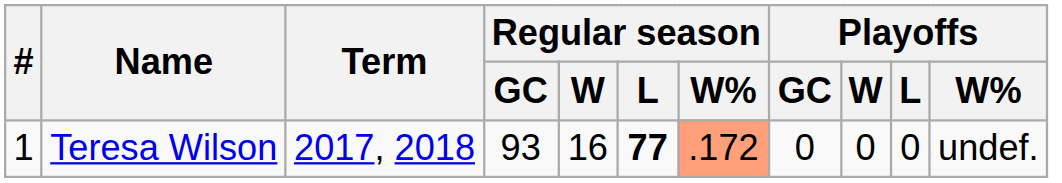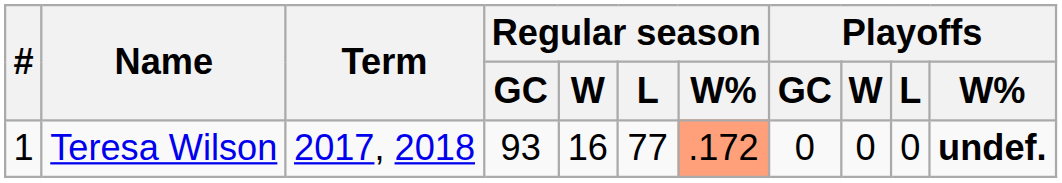 <table class="wikitable">
 <tr>
 <th rowspan="2">#</th>
 <th rowspan="2">Name</th>
 <th rowspan="2">Term</th>
 <th colspan="4">Regular season</th>
 <th colspan="4">Playoffs</th>
 </tr>
 <tr>
 <th>GC</th>
 <th>W</th>
 <th>L</th>
 <th>W%</th>
 <th>GC</th>
 <th>W</th>
 <th>L</th>
 <th>W%</th>
 </tr>
 <tr>
 <td align=center>1</td>
 <td><a href='#'>Teresa Wilson</a></td>
 <td align=center><a href='#'>2017</a>, <a href='#'>2018</a></td>
 <td align=center>93</td>
 <td align=center>16</td>
-<td align=center><strong>77</strong></td>
+<td align=center>77</td>
 <td align=center style="background: lightsalmon;">.172</td>
 <td align=center>0</td>
 <td align=center>0</td>
 <td align=center>0</td>
-<td align=center>undef.</td>
+<td align=center><strong>undef.</strong></td>
 </tr>
 </table>
